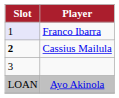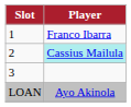 <table class="wikitable" style="text-align:left; margin-left:1em; font-size:95%;">
 <tr>
 <th style="background:#AB1E2D; color:white; text-align:center;">Slot</th>
 <th style="background:#AB1E2D; color:white; text-align:center;">Player</th>
 </tr>
 <tr>
-<td style="background: lavender;">1</td>
+<td>1</td>
 <td> <a href='#'>Franco Ibarra</a></td>
 </tr>
 <tr>
-<td><strong>2</strong></td>
-<td> <a href='#'>Cassius Mailula</a></td>
+<td>2</td>
+<td style="background: paleturquoise;"> <a href='#'>Cassius Mailula</a></td>
 </tr>
 <tr>
 <td>3</td>
 <td></td>
 </tr>
 <tr>
 <td bgcolor=#C0C0C0>LOAN</td>
 <td colspan=2 style="text-align: center;" bgcolor=#C0C0C0> <a href='#'>Ayo Akinola</a></td>
 </tr>
 <tr>
 </tr>
 </table>
